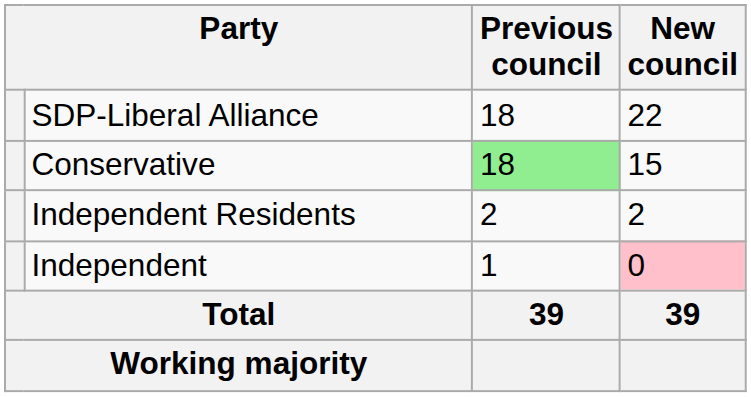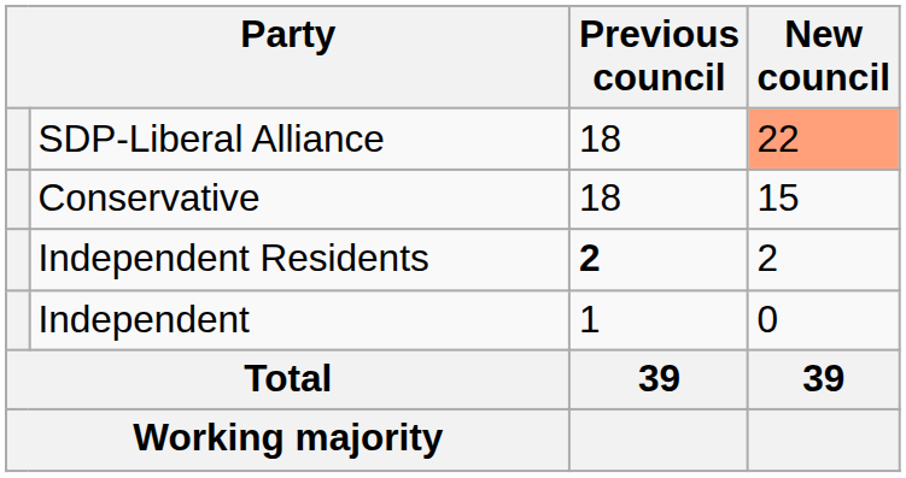 <table class="wikitable">
 <tr>
 <th valign=top colspan="2" style="width: 230px">Party</th>
 <th valign=top style="width: 30px">Previous council</th>
 <th valign=top style="width: 30px">New council</th>
 </tr>
 <tr>
 <th style="background-color: "></th>
 <td>SDP-Liberal Alliance</td>
 <td>18</td>
-<td>22</td>
+<td style="background: lightsalmon;">22</td>
 </tr>
 <tr>
 <th style="background-color: "></th>
 <td>Conservative</td>
-<td style="background: lightgreen;">18</td>
+<td>18</td>
 <td>15</td>
 </tr>
 <tr>
 <th style="background-color: "></th>
 <td>Independent Residents</td>
-<td>2</td>
+<td><strong>2</strong></td>
 <td>2</td>
 </tr>
 <tr>
 <th style="background-color: "></th>
 <td>Independent</td>
 <td>1</td>
-<td style="background: pink;">0</td>
+<td>0</td>
 </tr>
 <tr>
 <th colspan=2>Total</th>
 <th style="text-align: center">39</th>
 <th colspan=3>39</th>
 </tr>
 <tr>
 <th colspan=2>Working majority</th>
 <th></th>
 <th></th>
 </tr>
 </table>
